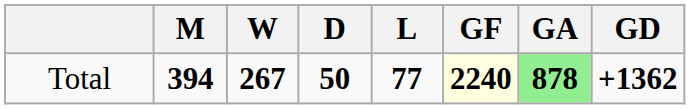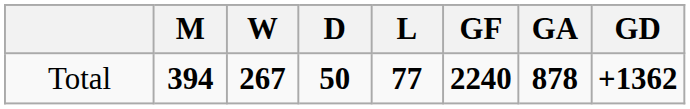 <table class="wikitable" style="text-align: center;">
 <tr>
 <th width=70></th>
 <th width=30>M</th>
 <th width=30>W</th>
 <th width=30>D</th>
 <th width=30>L</th>
 <th width=30>GF</th>
 <th width=30>GA</th>
 <th width=30>GD</th>
 </tr>
 <tr>
 <td>Total</td>
 <td><strong>394</strong></td>
 <td><strong>267</strong></td>
 <td><strong>50</strong></td>
 <td><strong>77</strong></td>
-<td style="background: lightyellow;"><strong>2240</strong></td>
-<td style="background: lightgreen;"><strong>878</strong></td>
+<td><strong>2240</strong></td>
+<td><strong>878</strong></td>
 <td><strong>+1362</strong></td>
 </tr>
 </table>
